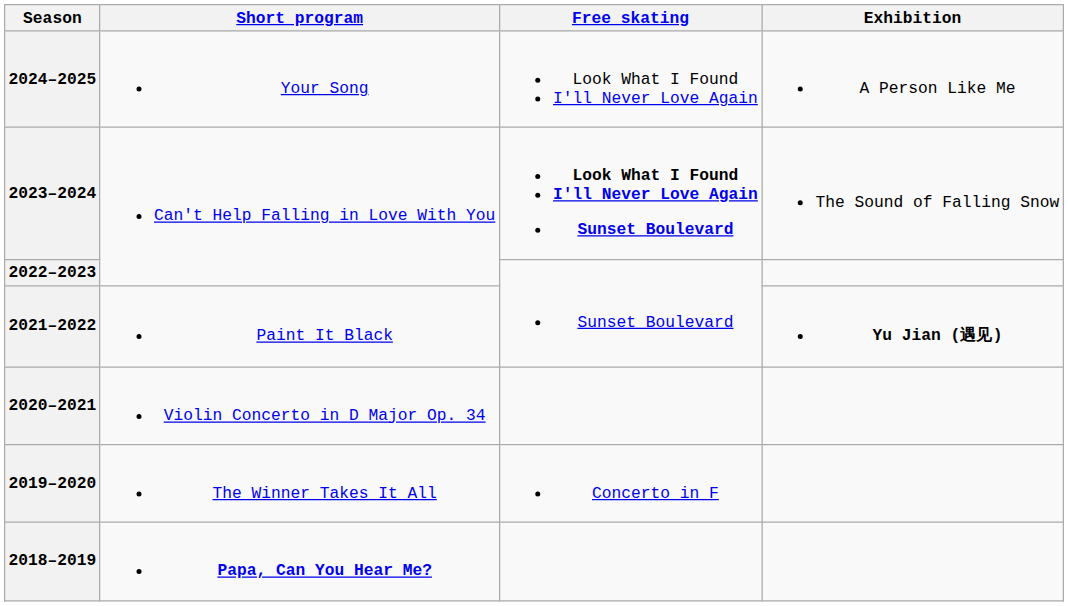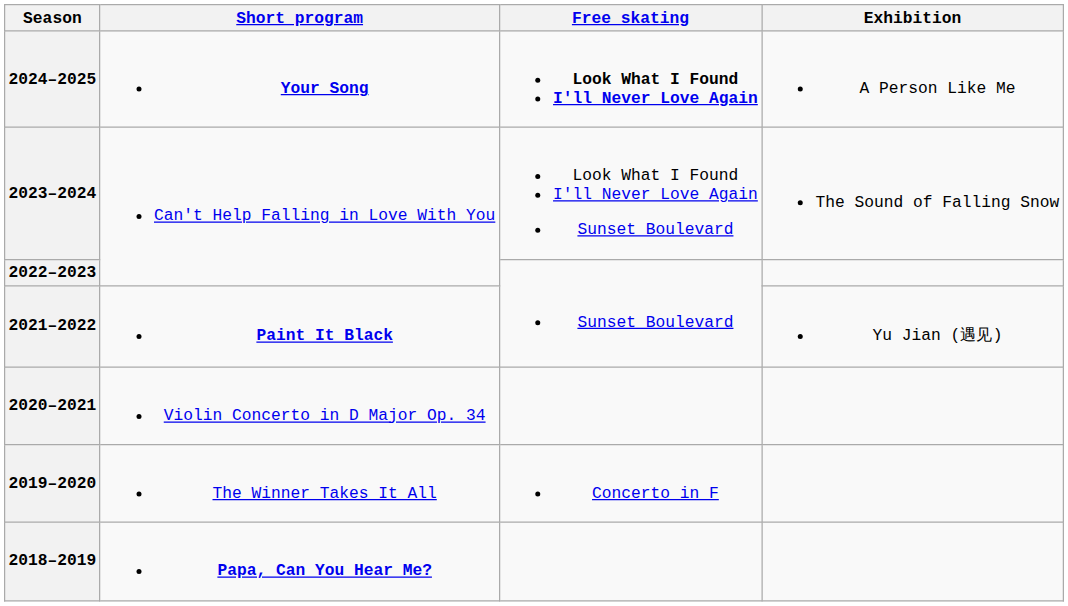 <table class=wikitable style=text-align:center>
 <tr>
 <th>Season</th>
 <th><a href='#'>Short program</a></th>
 <th><a href='#'>Free skating</a></th>
 <th>Exhibition</th>
 </tr>
 <tr>
 <th>2024–2025 <br> </th>
-<td><br><ul><li><a href='#'>Your Song</a> <br> </li></ul></td>
-<td><br><ul><li>Look What I Found</li><li><a href='#'>I'll Never Love Again</a> <br></li></ul></td>
+<td><strong><br><ul><li><a href='#'>Your Song</a> <br> </li></ul></strong></td>
+<td><strong><br><ul><li>Look What I Found</li><li><a href='#'>I'll Never Love Again</a> <br></li></ul></strong></td>
 <td><br><ul><li>A Person Like Me <br> </li></ul></td>
 </tr>
 <tr>
 <th>2023–2024 <br> </th>
 <td rowspan=2><br><ul><li><a href='#'>Can't Help Falling in Love With You</a><br></li></ul></td>
-<td><strong><br><ul><li>Look What I Found</li><li><a href='#'>I'll Never Love Again</a> <br></li></ul><ul><li><a href='#'>Sunset Boulevard</a><br></li></ul></strong></td>
+<td><br><ul><li>Look What I Found</li><li><a href='#'>I'll Never Love Again</a> <br></li></ul><ul><li><a href='#'>Sunset Boulevard</a><br></li></ul></td>
 <td><br><ul><li>The Sound of Falling Snow <br></li></ul></td>
 </tr>
 <tr>
 <th>2022–2023 <br> </th>
 <td rowspan=2><br><ul><li><a href='#'>Sunset Boulevard</a><br></li></ul></td>
 <td></td>
 </tr>
 <tr>
 <th>2021–2022 <br> </th>
-<td><br><ul><li><a href='#'>Paint It Black</a><br></li></ul></td>
-<td><strong><br><ul><li>Yu Jian (遇见) <br> </li></ul></strong></td>
+<td><strong><br><ul><li><a href='#'>Paint It Black</a><br></li></ul></strong></td>
+<td><br><ul><li>Yu Jian (遇见) <br> </li></ul></td>
 </tr>
 <tr>
 <th>2020–2021<br></th>
 <td><br><ul><li><a href='#'>Violin Concerto in D Major Op. 34</a><br></li></ul></td>
 <td></td>
 </tr>
 <tr>
 <th>2019–2020<br></th>
 <td><br><ul><li><a href='#'>The Winner Takes It All</a><br></li></ul></td>
 <td><br><ul><li><a href='#'>Concerto in F</a><br></li></ul></td>
 <td></td>
 </tr>
 <tr>
 <th>2018–2019<br></th>
 <td><strong><br><ul><li><a href='#'>Papa, Can You Hear Me?</a><br></li></ul></strong></td>
 <td></td>
 <td></td>
 </tr>
 </table>
